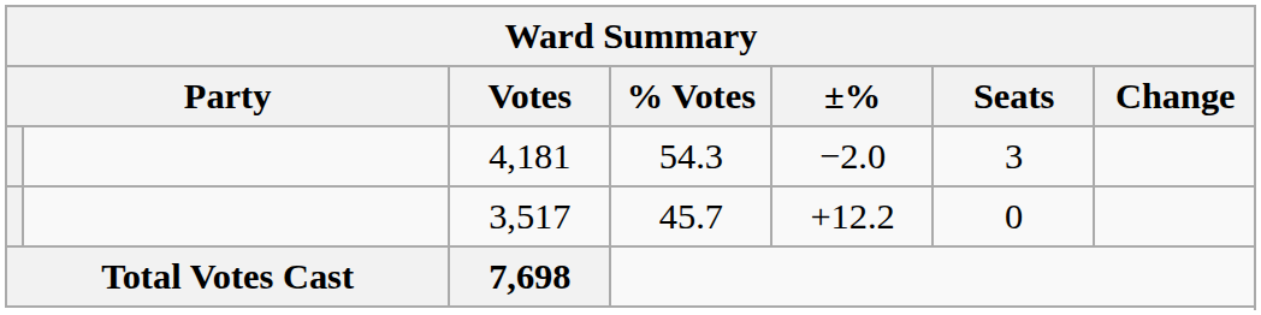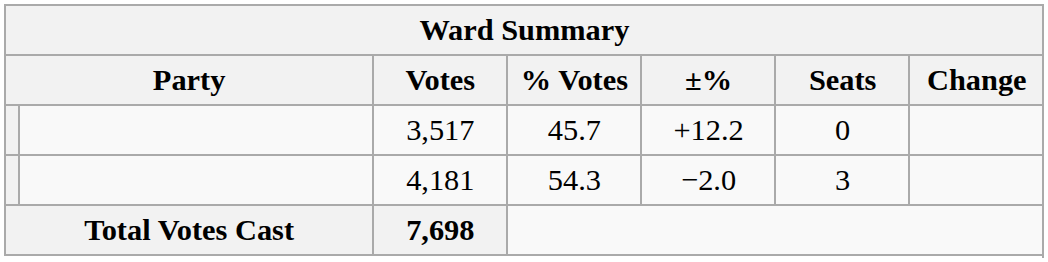 <table class="wikitable" style="font-size: 95%;">
 <tr style="background-color:#E9E9E9">
 <th colspan="7">Ward Summary</th>
 </tr>
 <tr style="background-color:#E9E9E9">
 <th colspan="2">Party</th>
 <th style="width: 60px">Votes</th>
 <th style="width: 60px">% Votes</th>
 <th style="width: 60px">±%</th>
 <th style="width: 60px">Seats</th>
 <th style="width: 60px">Change</th>
 </tr>
 <tr>
 <th style="background-color: "></th>
 <td style="width: 170px"><a href='#'></a></td>
-<td align="center">4,181</td>
-<td align="center">54.3</td>
-<td align="center">−2.0</td>
-<td align="center">3</td>
+<td align="center">3,517</td>
+<td align="center">45.7</td>
+<td align="center">+12.2</td>
+<td align="center">0</td>
 <td align="center"></td>
 </tr>
 <tr>
 <th style="background-color: "></th>
 <td style="width: 170px"><a href='#'></a></td>
-<td align="center">3,517</td>
-<td align="center">45.7</td>
-<td align="center">+12.2</td>
-<td align="center">0</td>
+<td align="center">4,181</td>
+<td align="center">54.3</td>
+<td align="center">−2.0</td>
+<td align="center">3</td>
 <td align="center"></td>
 </tr>
 <tr>
 </tr>
 <tr style="background-color:#E9E9E9">
 <th colspan="2">Total Votes Cast</th>
 <th style="width: 60px">7,698</th>
 </tr>
 <tr style="background-color:#E9E9E9">
 </tr>
 </table>
